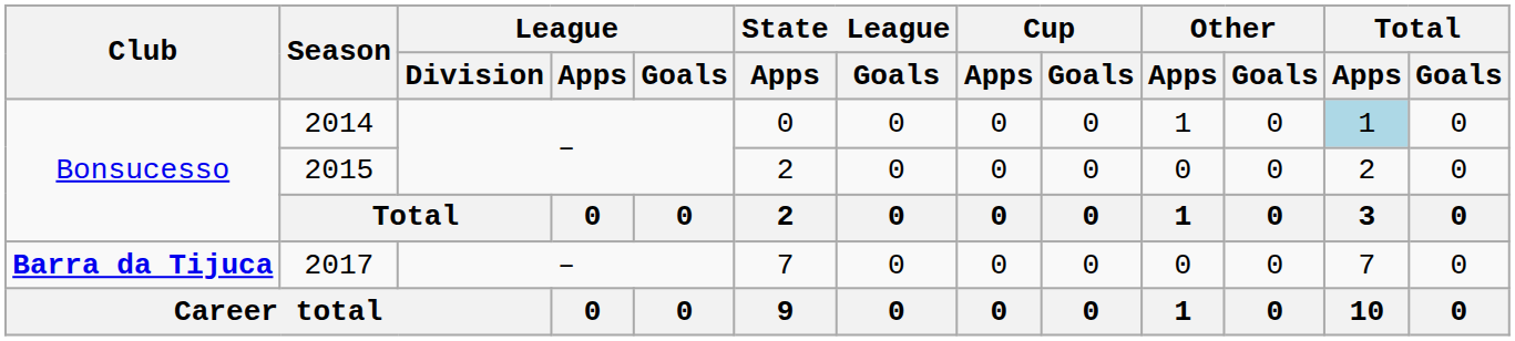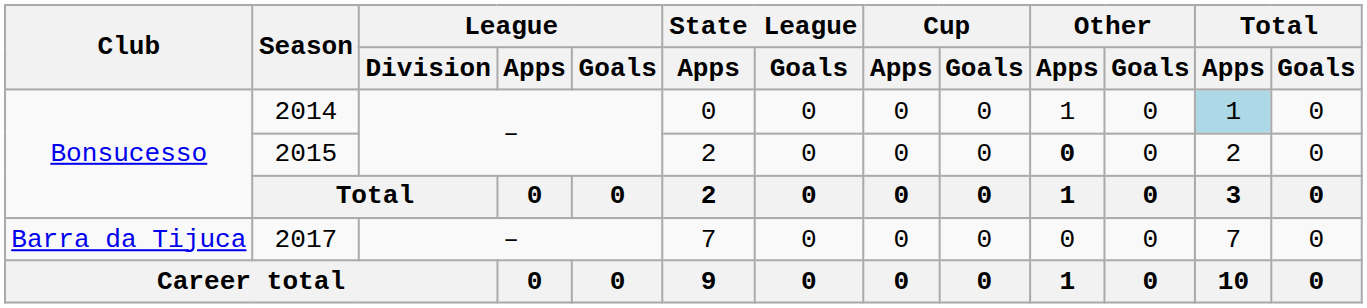 <table class="wikitable" style="text-align: center">
 <tr>
 <th rowspan="2">Club</th>
 <th rowspan="2">Season</th>
 <th colspan="3">League</th>
 <th colspan="2">State League</th>
 <th colspan="2">Cup</th>
 <th colspan="2">Other</th>
 <th colspan="2">Total</th>
 </tr>
 <tr>
 <th>Division</th>
 <th>Apps</th>
 <th>Goals</th>
 <th>Apps</th>
 <th>Goals</th>
 <th>Apps</th>
 <th>Goals</th>
 <th>Apps</th>
 <th>Goals</th>
 <th>Apps</th>
 <th>Goals</th>
 </tr>
 <tr>
 <td rowspan="3"><a href='#'>Bonsucesso</a></td>
 <td>2014</td>
 <td colspan="3" rowspan="2">–</td>
 <td>0</td>
 <td>0</td>
 <td>0</td>
 <td>0</td>
 <td>1</td>
 <td>0</td>
 <td style="background: lightblue;">1</td>
 <td>0</td>
 </tr>
 <tr>
 <td>2015</td>
 <td>2</td>
 <td>0</td>
 <td>0</td>
 <td>0</td>
-<td>0</td>
+<td><strong>0</strong></td>
 <td>0</td>
 <td>2</td>
 <td>0</td>
 </tr>
 <tr>
 <th colspan="2"><strong>Total</strong></th>
 <th>0</th>
 <th>0</th>
 <th>2</th>
 <th>0</th>
 <th>0</th>
 <th>0</th>
 <th>1</th>
 <th>0</th>
 <th>3</th>
 <th>0</th>
 </tr>
 <tr>
-<td><strong><a href='#'>Barra da Tijuca</a></strong></td>
+<td><a href='#'>Barra da Tijuca</a></td>
 <td>2017</td>
 <td colspan="3">–</td>
 <td>7</td>
 <td>0</td>
 <td>0</td>
 <td>0</td>
 <td>0</td>
 <td>0</td>
 <td>7</td>
 <td>0</td>
 </tr>
 <tr>
 <th colspan="3"><strong>Career total</strong></th>
 <th>0</th>
 <th>0</th>
 <th>9</th>
 <th>0</th>
 <th>0</th>
 <th>0</th>
 <th>1</th>
 <th>0</th>
 <th>10</th>
 <th>0</th>
 </tr>
 </table>
